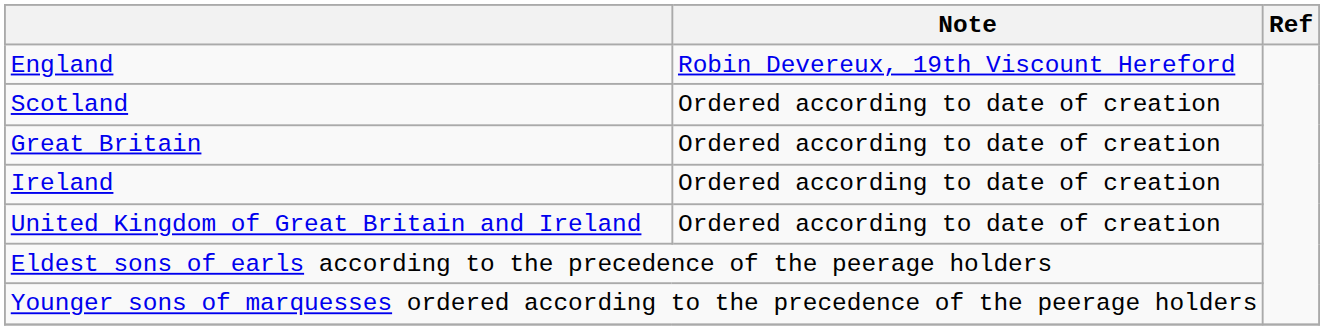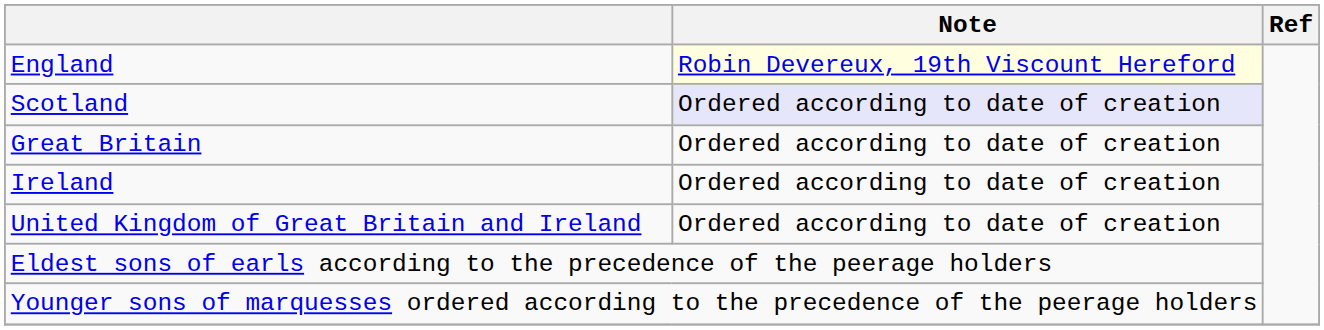 <table class="wikitable">
 <tr>
 <th></th>
 <th>Note</th>
 <th>Ref</th>
 </tr>
 <tr>
 <td> <a href='#'>England</a></td>
-<td><a href='#'>Robin Devereux, 19th Viscount Hereford</a></td>
+<td style="background: lightyellow;"><a href='#'>Robin Devereux, 19th Viscount Hereford</a></td>
 <td rowspan=7></td>
 </tr>
 <tr>
 <td> <a href='#'>Scotland</a></td>
-<td>Ordered according to date of creation</td>
+<td style="background: lavender;">Ordered according to date of creation</td>
 </tr>
 <tr>
 <td> <a href='#'>Great Britain</a></td>
 <td>Ordered according to date of creation</td>
 </tr>
 <tr>
 <td> <a href='#'>Ireland</a></td>
 <td>Ordered according to date of creation</td>
 </tr>
 <tr>
 <td> <a href='#'>United Kingdom of Great Britain and Ireland</a></td>
 <td>Ordered according to date of creation</td>
 </tr>
 <tr>
 <td colspan=2><a href='#'>Eldest sons of earls</a> according to the precedence of the peerage holders</td>
 </tr>
 <tr>
 <td colspan=2><a href='#'>Younger sons of marquesses</a> ordered according to the precedence of the peerage holders</td>
 </tr>
 <tr>
 </tr>
 </table>
